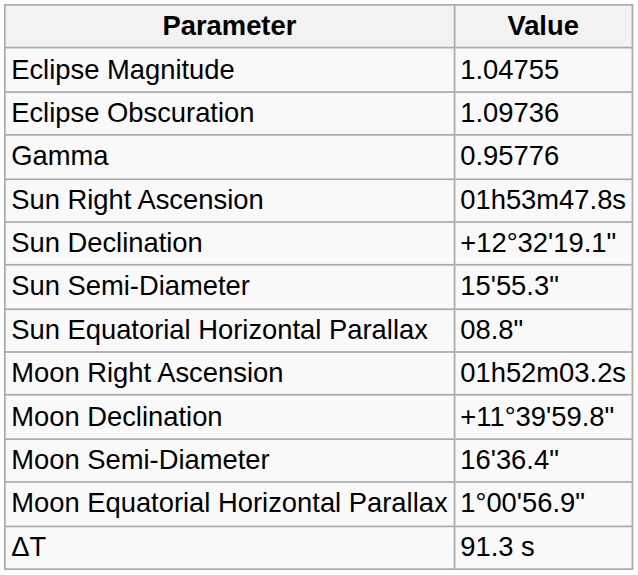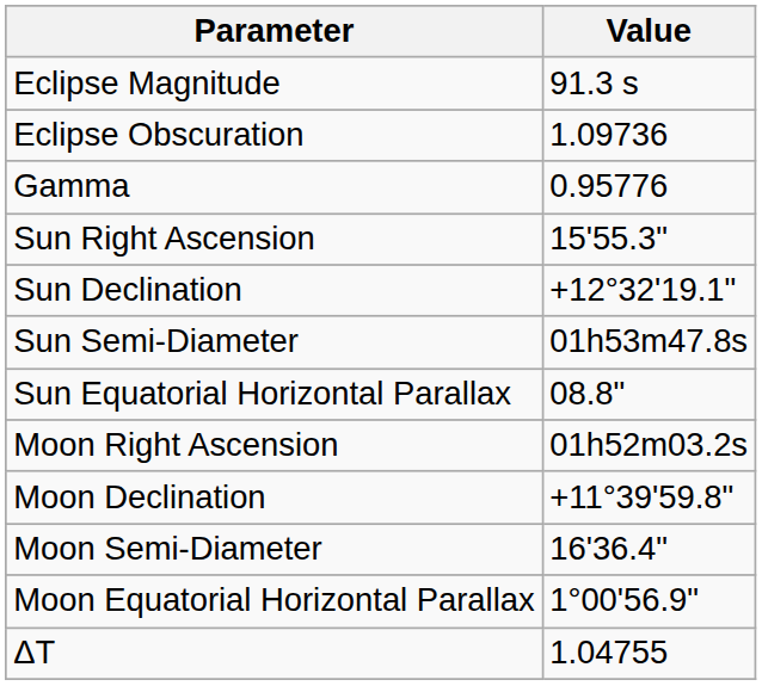 <table class="wikitable">
 <tr>
 <th>Parameter</th>
 <th>Value</th>
 </tr>
 <tr>
 <td>Eclipse Magnitude</td>
-<td>1.04755</td>
+<td>91.3 s</td>
 </tr>
 <tr>
 <td>Eclipse Obscuration</td>
 <td>1.09736</td>
 </tr>
 <tr>
 <td>Gamma</td>
 <td>0.95776</td>
 </tr>
 <tr>
 <td>Sun Right Ascension</td>
-<td>01h53m47.8s</td>
+<td>15'55.3"</td>
 </tr>
 <tr>
 <td>Sun Declination</td>
 <td>+12°32'19.1"</td>
 </tr>
 <tr>
 <td>Sun Semi-Diameter</td>
-<td>15'55.3"</td>
+<td>01h53m47.8s</td>
 </tr>
 <tr>
 <td>Sun Equatorial Horizontal Parallax</td>
 <td>08.8"</td>
 </tr>
 <tr>
 <td>Moon Right Ascension</td>
 <td>01h52m03.2s</td>
 </tr>
 <tr>
 <td>Moon Declination</td>
 <td>+11°39'59.8"</td>
 </tr>
 <tr>
 <td>Moon Semi-Diameter</td>
 <td>16'36.4"</td>
 </tr>
 <tr>
 <td>Moon Equatorial Horizontal Parallax</td>
 <td>1°00'56.9"</td>
 </tr>
 <tr>
 <td>ΔT</td>
-<td>91.3 s</td>
+<td>1.04755</td>
 </tr>
 </table>
